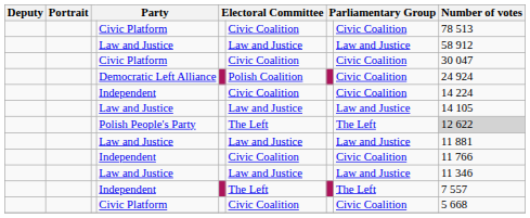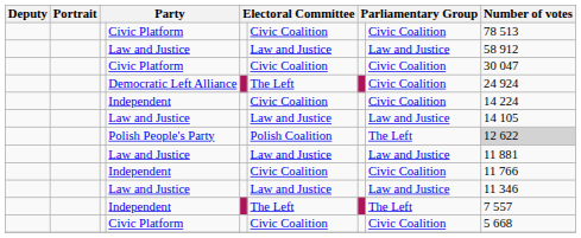 <table class="wikitable sortable" style="font-size:95%;line-height:14px;">
 <tr>
 <th>Deputy</th>
 <th>Portrait</th>
 <th colspan="2">Party</th>
 <th colspan="2">Electoral Committee</th>
 <th colspan="2">Parliamentary Group</th>
 <th>Number of votes</th>
 </tr>
 <tr>
 <td></td>
 <td></td>
 <td style="background:"></td>
 <td><a href='#'>Civic Platform</a></td>
 <td style="background:"></td>
 <td><a href='#'>Civic Coalition</a></td>
 <td style="background:"></td>
 <td><a href='#'>Civic Coalition</a></td>
 <td>78 513</td>
 </tr>
 <tr>
 <td></td>
 <td></td>
 <td style="background:"></td>
 <td><a href='#'>Law and Justice</a></td>
 <td style="background:"></td>
 <td><a href='#'>Law and Justice</a></td>
 <td style="background:"></td>
 <td><a href='#'>Law and Justice</a></td>
 <td>58 912</td>
 </tr>
 <tr>
 <td></td>
 <td></td>
 <td style="background:"></td>
 <td><a href='#'>Civic Platform</a></td>
 <td style="background:"></td>
 <td><a href='#'>Civic Coalition</a></td>
 <td style="background:"></td>
 <td><a href='#'>Civic Coalition</a></td>
 <td>30 047</td>
 </tr>
 <tr>
 <td></td>
 <td></td>
 <td style="background:"></td>
 <td><a href='#'>Democratic Left Alliance</a></td>
 <td style="background:#AC145A;"></td>
-<td><a href='#'>Polish Coalition</a></td>
+<td><a href='#'>The Left</a></td>
 <td style="background:#AC145A;"></td>
 <td><a href='#'>Civic Coalition</a></td>
 <td>24 924</td>
 </tr>
 <tr>
 <td></td>
 <td></td>
 <td style="background:"></td>
 <td><a href='#'>Independent</a></td>
 <td style="background:"></td>
 <td><a href='#'>Civic Coalition</a></td>
 <td style="background:"></td>
 <td><a href='#'>Civic Coalition</a></td>
 <td>14 224</td>
 </tr>
 <tr>
 <td></td>
 <td></td>
 <td style="background:"></td>
 <td><a href='#'>Law and Justice</a></td>
 <td style="background:"></td>
 <td><a href='#'>Law and Justice</a></td>
 <td style="background:"></td>
 <td><a href='#'>Law and Justice</a></td>
 <td>14 105</td>
 </tr>
 <tr>
 <td></td>
 <td></td>
 <td style="background:"></td>
 <td><a href='#'>Polish People's Party</a></td>
 <td style="background:"></td>
-<td><a href='#'>The Left</a></td>
+<td><a href='#'>Polish Coalition</a></td>
 <td style="background:"></td>
 <td><a href='#'>The Left</a></td>
 <td style="background: lightgrey;">12 622</td>
 </tr>
 <tr>
 <td></td>
 <td></td>
 <td style="background:"></td>
 <td><a href='#'>Law and Justice</a></td>
 <td style="background:"></td>
 <td><a href='#'>Law and Justice</a></td>
 <td style="background:"></td>
 <td><a href='#'>Law and Justice</a></td>
 <td>11 881</td>
 </tr>
 <tr>
 <td></td>
 <td></td>
 <td style="background:"></td>
 <td><a href='#'>Independent</a></td>
 <td style="background:"></td>
 <td><a href='#'>Civic Coalition</a></td>
 <td style="background:"></td>
 <td><a href='#'>Civic Coalition</a></td>
 <td>11 766</td>
 </tr>
 <tr>
 <td></td>
 <td></td>
 <td style="background:"></td>
 <td><a href='#'>Law and Justice</a></td>
 <td style="background:"></td>
 <td><a href='#'>Law and Justice</a></td>
 <td style="background:"></td>
 <td><a href='#'>Law and Justice</a></td>
 <td>11 346</td>
 </tr>
 <tr>
 <td></td>
 <td></td>
 <td style="background:"></td>
 <td><a href='#'>Independent</a></td>
 <td style="background:#AC145A;"></td>
 <td><a href='#'>The Left</a></td>
 <td style="background:#AC145A;"></td>
 <td><a href='#'>The Left</a></td>
 <td>7 557</td>
 </tr>
 <tr>
 <td></td>
 <td></td>
 <td style="background:"></td>
 <td><a href='#'>Civic Platform</a></td>
 <td style="background:"></td>
 <td><a href='#'>Civic Coalition</a></td>
 <td style="background:"></td>
 <td><a href='#'>Civic Coalition</a></td>
 <td>5 668</td>
 </tr>
 <tr>
 </tr>
 </table>
